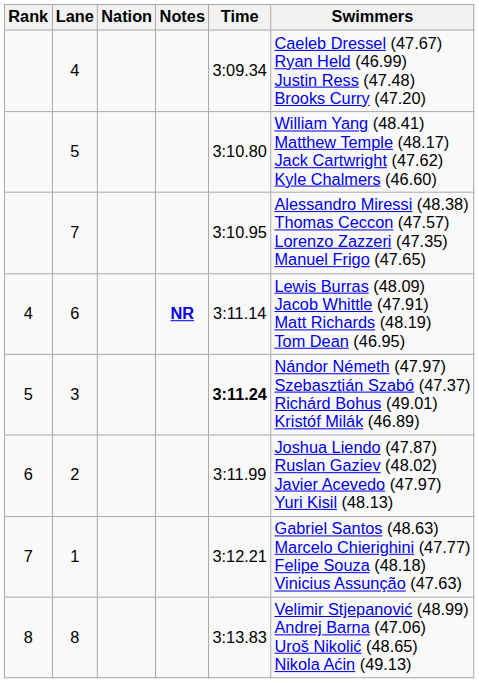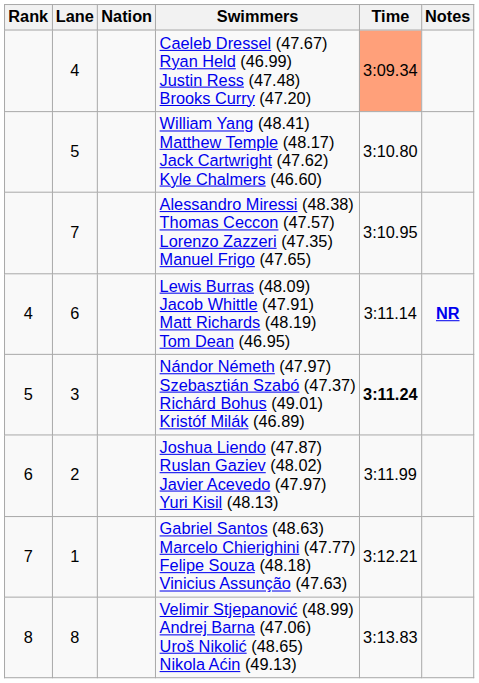 <table class="wikitable sortable" style="text-align:center">
 <tr>
 <th>Rank</th>
 <th>Lane</th>
 <th>Nation</th>
+<th>Swimmers</th>
+<th>Time</th>
 <th>Notes</th>
-<th>Time</th>
-<th>Swimmers</th>
 </tr>
 <tr>
 <td></td>
 <td>4</td>
 <td align=left></td>
+<td align=left><a href='#'>Caeleb Dressel</a> (47.67)<br><a href='#'>Ryan Held</a> (46.99)<br><a href='#'>Justin Ress</a> (47.48)<br><a href='#'>Brooks Curry</a> (47.20)</td>
+<td style="background: lightsalmon;">3:09.34</td>
 <td></td>
-<td>3:09.34</td>
-<td align=left><a href='#'>Caeleb Dressel</a> (47.67)<br><a href='#'>Ryan Held</a> (46.99)<br><a href='#'>Justin Ress</a> (47.48)<br><a href='#'>Brooks Curry</a> (47.20)</td>
 </tr>
 <tr>
 <td></td>
 <td>5</td>
 <td align=left></td>
+<td align=left><a href='#'>William Yang</a> (48.41)<br><a href='#'>Matthew Temple</a> (48.17)<br><a href='#'>Jack Cartwright</a> (47.62)<br><a href='#'>Kyle Chalmers</a> (46.60)</td>
+<td>3:10.80</td>
 <td></td>
-<td>3:10.80</td>
-<td align=left><a href='#'>William Yang</a> (48.41)<br><a href='#'>Matthew Temple</a> (48.17)<br><a href='#'>Jack Cartwright</a> (47.62)<br><a href='#'>Kyle Chalmers</a> (46.60)</td>
 </tr>
 <tr>
 <td></td>
 <td>7</td>
 <td align=left></td>
+<td align=left><a href='#'>Alessandro Miressi</a> (48.38)<br><a href='#'>Thomas Ceccon</a> (47.57)<br><a href='#'>Lorenzo Zazzeri</a> (47.35)<br><a href='#'>Manuel Frigo</a> (47.65)</td>
+<td>3:10.95</td>
 <td></td>
-<td>3:10.95</td>
-<td align=left><a href='#'>Alessandro Miressi</a> (48.38)<br><a href='#'>Thomas Ceccon</a> (47.57)<br><a href='#'>Lorenzo Zazzeri</a> (47.35)<br><a href='#'>Manuel Frigo</a> (47.65)</td>
 </tr>
 <tr>
 <td>4</td>
 <td>6</td>
 <td align=left></td>
+<td align=left><a href='#'>Lewis Burras</a> (48.09)<br><a href='#'>Jacob Whittle</a> (47.91)<br><a href='#'>Matt Richards</a> (48.19)<br><a href='#'>Tom Dean</a> (46.95)</td>
+<td>3:11.14</td>
 <td><strong><a href='#'>NR</a></strong></td>
-<td>3:11.14</td>
-<td align=left><a href='#'>Lewis Burras</a> (48.09)<br><a href='#'>Jacob Whittle</a> (47.91)<br><a href='#'>Matt Richards</a> (48.19)<br><a href='#'>Tom Dean</a> (46.95)</td>
 </tr>
 <tr>
 <td>5</td>
 <td>3</td>
 <td align=left></td>
+<td align=left><a href='#'>Nándor Németh</a> (47.97)<br><a href='#'>Szebasztián Szabó</a> (47.37)<br><a href='#'>Richárd Bohus</a> (49.01)<br><a href='#'>Kristóf Milák</a> (46.89)</td>
+<td><strong>3:11.24</strong></td>
 <td></td>
-<td><strong>3:11.24</strong></td>
-<td align=left><a href='#'>Nándor Németh</a> (47.97)<br><a href='#'>Szebasztián Szabó</a> (47.37)<br><a href='#'>Richárd Bohus</a> (49.01)<br><a href='#'>Kristóf Milák</a> (46.89)</td>
 </tr>
 <tr>
 <td>6</td>
 <td>2</td>
 <td align=left></td>
+<td align=left><a href='#'>Joshua Liendo</a> (47.87)<br><a href='#'>Ruslan Gaziev</a> (48.02)<br><a href='#'>Javier Acevedo</a> (47.97)<br><a href='#'>Yuri Kisil</a> (48.13)</td>
+<td>3:11.99</td>
 <td></td>
-<td>3:11.99</td>
-<td align=left><a href='#'>Joshua Liendo</a> (47.87)<br><a href='#'>Ruslan Gaziev</a> (48.02)<br><a href='#'>Javier Acevedo</a> (47.97)<br><a href='#'>Yuri Kisil</a> (48.13)</td>
 </tr>
 <tr>
 <td>7</td>
 <td>1</td>
 <td align=left></td>
+<td align=left><a href='#'>Gabriel Santos</a> (48.63)<br><a href='#'>Marcelo Chierighini</a> (47.77)<br><a href='#'>Felipe Souza</a> (48.18)<br><a href='#'>Vinicius Assunção</a> (47.63)</td>
+<td>3:12.21</td>
 <td></td>
-<td>3:12.21</td>
-<td align=left><a href='#'>Gabriel Santos</a> (48.63)<br><a href='#'>Marcelo Chierighini</a> (47.77)<br><a href='#'>Felipe Souza</a> (48.18)<br><a href='#'>Vinicius Assunção</a> (47.63)</td>
 </tr>
 <tr>
 <td>8</td>
 <td>8</td>
 <td align=left></td>
+<td align=left><a href='#'>Velimir Stjepanović</a> (48.99)<br><a href='#'>Andrej Barna</a> (47.06)<br><a href='#'>Uroš Nikolić</a> (48.65)<br><a href='#'>Nikola Aćin</a> (49.13)</td>
+<td>3:13.83</td>
 <td></td>
-<td>3:13.83</td>
-<td align=left><a href='#'>Velimir Stjepanović</a> (48.99)<br><a href='#'>Andrej Barna</a> (47.06)<br><a href='#'>Uroš Nikolić</a> (48.65)<br><a href='#'>Nikola Aćin</a> (49.13)</td>
 </tr>
 </table>
